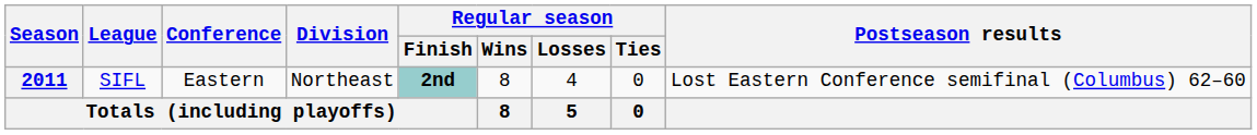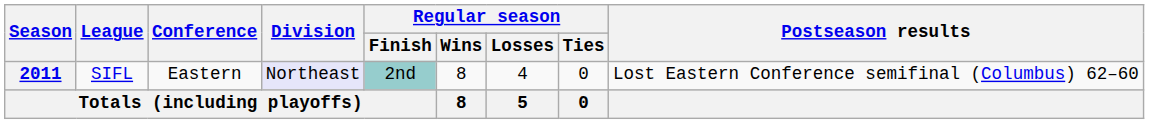 <table class="wikitable" style="text-align:center; font-size: 95%;">
 <tr>
 <th rowspan="2"><a href='#'>Season</a></th>
 <th rowspan="2"><a href='#'>League</a></th>
 <th rowspan="2"><a href='#'>Conference</a></th>
 <th rowspan="2"><a href='#'>Division</a></th>
 <th colspan="4"><a href='#'>Regular season</a></th>
 <th rowspan="2"><a href='#'>Postseason</a> results</th>
 </tr>
 <tr>
 <th>Finish</th>
 <th>Wins</th>
 <th>Losses</th>
 <th>Ties</th>
 </tr>
 <tr>
 <th><a href='#'>2011</a></th>
 <td><a href='#'>SIFL</a></td>
 <td>Eastern</td>
-<td>Northeast</td>
-<td bgcolor=#96cdcd><strong>2nd</strong></td>
+<td style="background: lavender;">Northeast</td>
+<td bgcolor=#96cdcd>2nd</td>
 <td>8</td>
 <td>4</td>
 <td>0</td>
 <td align=left>Lost Eastern Conference semifinal (<a href='#'>Columbus</a>) 62–60</td>
 </tr>
 <tr>
 <th colspan="5">Totals (including playoffs)</th>
 <th>8</th>
 <th>5</th>
 <th>0</th>
 <th></th>
 </tr>
 </table>
